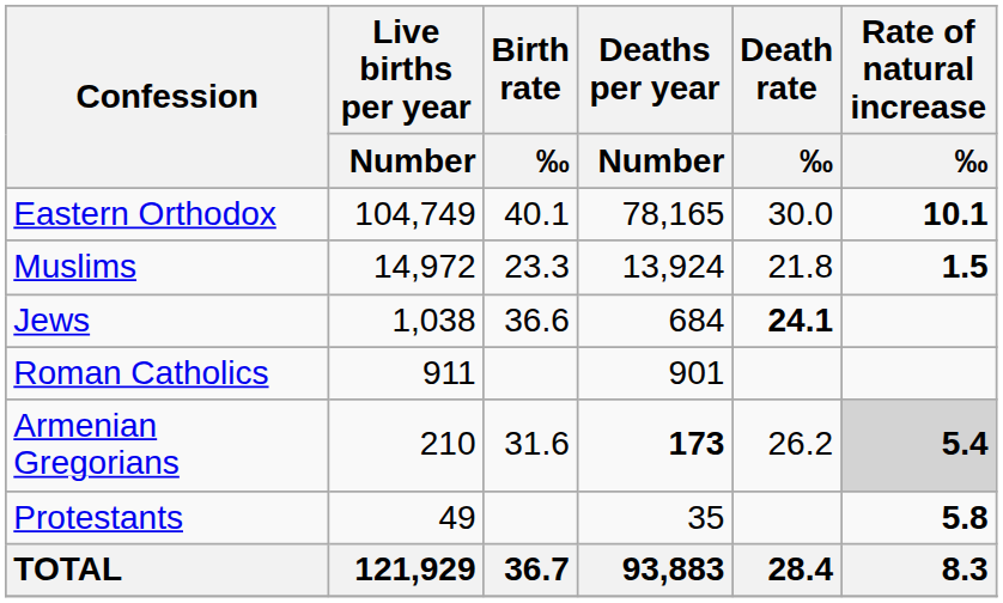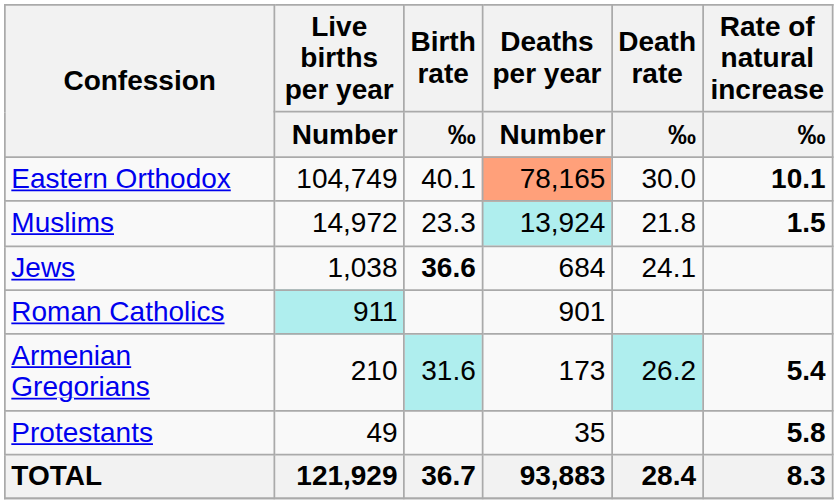 <table class="wikitable sortable static-row-numbers">
 <tr>
 <th style="width:110pt;" rowspan="2">Confession</th>
 <th style="width:50pt;"><span>Live births per year</span></th>
 <th style="width:25pt;"><span>Birth rate</span></th>
 <th style="width:50pt;"><span>Deaths per year</span></th>
 <th style="width:25pt;"><span>Death rate</span></th>
 <th style="width:50pt;"><span>Rate of natural increase</span></th>
 </tr>
 <tr class="static-row-header">
 <th style="text-align: right;"><span>Number</span></th>
 <th style="text-align: right;"><span>‰</span></th>
 <th style="text-align: right;"><span>Number</span></th>
 <th style="text-align: right;"><span>‰</span></th>
 <th style="text-align: right;"><span>‰</span></th>
 </tr>
 <tr>
 <td><a href='#'>Eastern Orthodox</a></td>
 <td style="text-align: right;"><span>104,749</span></td>
 <td style="text-align: right;"><span>40.1</span></td>
-<td style="text-align: right;"><span>78,165</span></td>
+<td style="background: lightsalmon; text-align: right;"><span>78,165</span></td>
 <td style="text-align: right;"><span>30.0</span></td>
 <td style="text-align: right;"><span><strong>10.1</strong></span></td>
 </tr>
 <tr>
 <td><a href='#'>Muslims</a></td>
 <td style="text-align: right;"><span>14,972</span></td>
 <td style="text-align: right;"><span>23.3</span></td>
-<td style="text-align: right;"><span>13,924</span></td>
+<td style="background: paleturquoise; text-align: right;"><span>13,924</span></td>
 <td style="text-align: right;"><span>21.8</span></td>
 <td style="text-align: right;"><span><strong>1.5</strong></span></td>
 </tr>
 <tr>
 <td><a href='#'>Jews</a></td>
 <td style="text-align: right;"><span>1,038</span></td>
-<td style="text-align: right;"><span>36.6</span></td>
+<td style="text-align: right;"><strong><span>36.6</span></strong></td>
 <td style="text-align: right;"><span>684</span></td>
-<td style="text-align: right;"><strong><span>24.1</span></strong></td>
+<td style="text-align: right;"><span>24.1</span></td>
 <td style="text-align: right;"><span><strong></strong></span></td>
 </tr>
 <tr>
 <td><a href='#'>Roman Catholics</a></td>
-<td style="text-align: right;"><span>911</span></td>
+<td style="background: paleturquoise; text-align: right;"><span>911</span></td>
 <td style="text-align: right;"><span><strong></strong></span></td>
 <td style="text-align: right;"><span>901</span></td>
 <td style="text-align: right;"><span><strong></strong></span></td>
 <td style="text-align: right;"><span><strong></strong></span></td>
 </tr>
 <tr>
 <td><a href='#'>Armenian Gregorians</a></td>
 <td style="text-align: right;"><span>210</span></td>
-<td style="text-align: right;"><span>31.6</span></td>
-<td style="text-align: right;"><strong><span>173</span></strong></td>
-<td style="text-align: right;"><span>26.2</span></td>
-<td style="background: lightgrey; text-align: right;"><span><strong>5.4</strong></span></td>
+<td style="background: paleturquoise; text-align: right;"><span>31.6</span></td>
+<td style="text-align: right;"><span>173</span></td>
+<td style="background: paleturquoise; text-align: right;"><span>26.2</span></td>
+<td style="text-align: right;"><span><strong>5.4</strong></span></td>
 </tr>
 <tr>
 <td><a href='#'>Protestants</a></td>
 <td style="text-align: right;"><span>49</span></td>
 <td style="text-align: right;"><span><strong></strong></span></td>
 <td style="text-align: right;"><span>35</span></td>
 <td style="text-align: right;"><span><strong></strong></span></td>
 <td style="text-align: right;"><span><strong>5.8</strong></span></td>
 </tr>
 <tr>
 <th style="text-align: left;">TOTAL</th>
 <th style="text-align: right;">121,929</th>
 <th style="text-align: right;">36.7</th>
 <th style="text-align: right;">93,883</th>
 <th style="text-align: right;">28.4</th>
 <th style="text-align: right;">8.3</th>
 </tr>
 <tr>
 </tr>
 </table>
